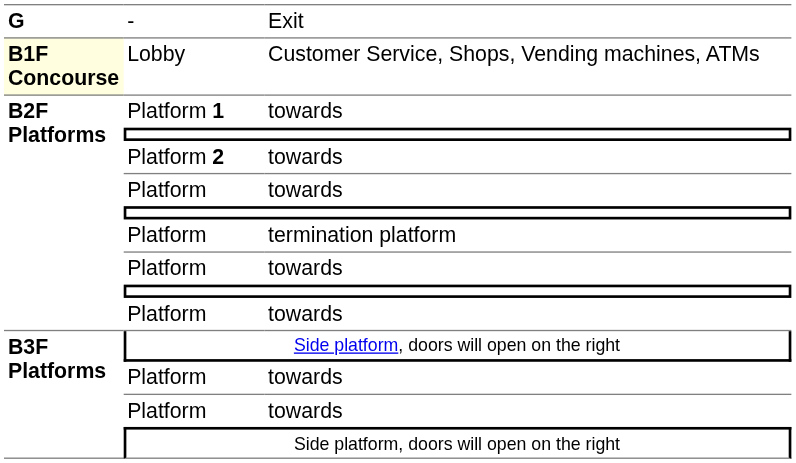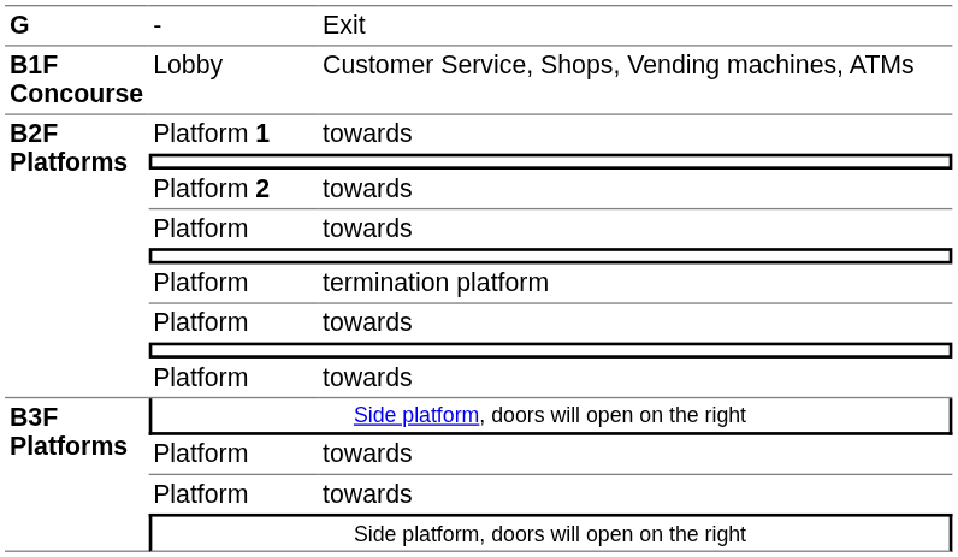 <table table border=0 cellspacing=0 cellpadding=3>
 <tr>
 <td style="border-top:solid 1px gray;" width=50 valign=top><strong>G</strong></td>
 <td style="border-top:solid 1px gray;" width=100 valign=top>-</td>
 <td style="border-top:solid 1px gray;" width=390 valign=top>Exit</td>
 </tr>
 <tr>
-<td style="background: lightyellow; border-bottom:solid 1px gray; border-top:solid 1px gray;" valign=top width=50><strong>B1F<br>Concourse</strong></td>
+<td style="border-bottom:solid 1px gray; border-top:solid 1px gray;" valign=top width=50><strong>B1F<br>Concourse</strong></td>
 <td style="border-bottom:solid 1px gray; border-top:solid 1px gray;" valign=top width=100>Lobby</td>
 <td style="border-bottom:solid 1px gray; border-top:solid 1px gray;" valign=top width=390>Customer Service, Shops, Vending machines, ATMs</td>
 </tr>
 <tr>
 <td style="border-bottom:solid 1px gray;" rowspan="9" valign=top><strong>B2F<br>Platforms</strong></td>
 <td>Platform <strong>1</strong></td>
 <td>  towards  </td>
 </tr>
 <tr>
 <td style="border-right:solid 2px black;border-left:solid 2px black;border-top:solid 2px black;border-bottom:solid 2px black;text-align:center;" colspan=2></td>
 </tr>
 <tr>
 <td style="border-bottom:solid 1px gray;">Platform <strong>2</strong></td>
 <td style="border-bottom:solid 1px gray;">  towards   </td>
 </tr>
 <tr>
 <td>Platform</td>
 <td>  towards  </td>
 </tr>
 <tr>
 <td style="border-right:solid 2px black;border-left:solid 2px black;border-top:solid 2px black;border-bottom:solid 2px black;text-align:center;" colspan=2></td>
 </tr>
 <tr>
 <td style="border-bottom:solid 1px gray;">Platform</td>
 <td style="border-bottom:solid 1px gray;">  termination platform</td>
 </tr>
 <tr>
 <td>Platform</td>
 <td>  towards   </td>
 </tr>
 <tr>
 <td style="border-right:solid 2px black;border-left:solid 2px black;border-top:solid 2px black;border-bottom:solid 2px black;text-align:center;" colspan=2></td>
 </tr>
 <tr>
 <td style="border-bottom:solid 1px gray;">Platform</td>
 <td style="border-bottom:solid 1px gray;">  towards   </td>
 </tr>
 <tr>
 <td style="border-bottom:solid 1px gray;" rowspan=4 valign=top><strong>B3F<br>Platforms</strong></td>
 <td style="border-right:solid 2px black;border-left:solid 2px black;border-bottom:solid 2px black;font-size:smaller;text-align:center;" colspan=2><a href='#'>Side platform</a>, doors will open on the right</td>
 </tr>
 <tr>
 <td style="border-bottom:solid 1px gray;" width=100>Platform</td>
 <td style="border-bottom:solid 1px gray;" width=330>  towards  </td>
 </tr>
 <tr>
 <td>Platform</td>
 <td>  towards   </td>
 </tr>
 <tr>
 <td style="border-top:solid 2px black;border-right:solid 2px black;border-left:solid 2px black;border-bottom:solid 1px gray;font-size:smaller;text-align:center;" colspan=2>Side platform, doors will open on the right</td>
 </tr>
 <tr>
 </tr>
 </table>
